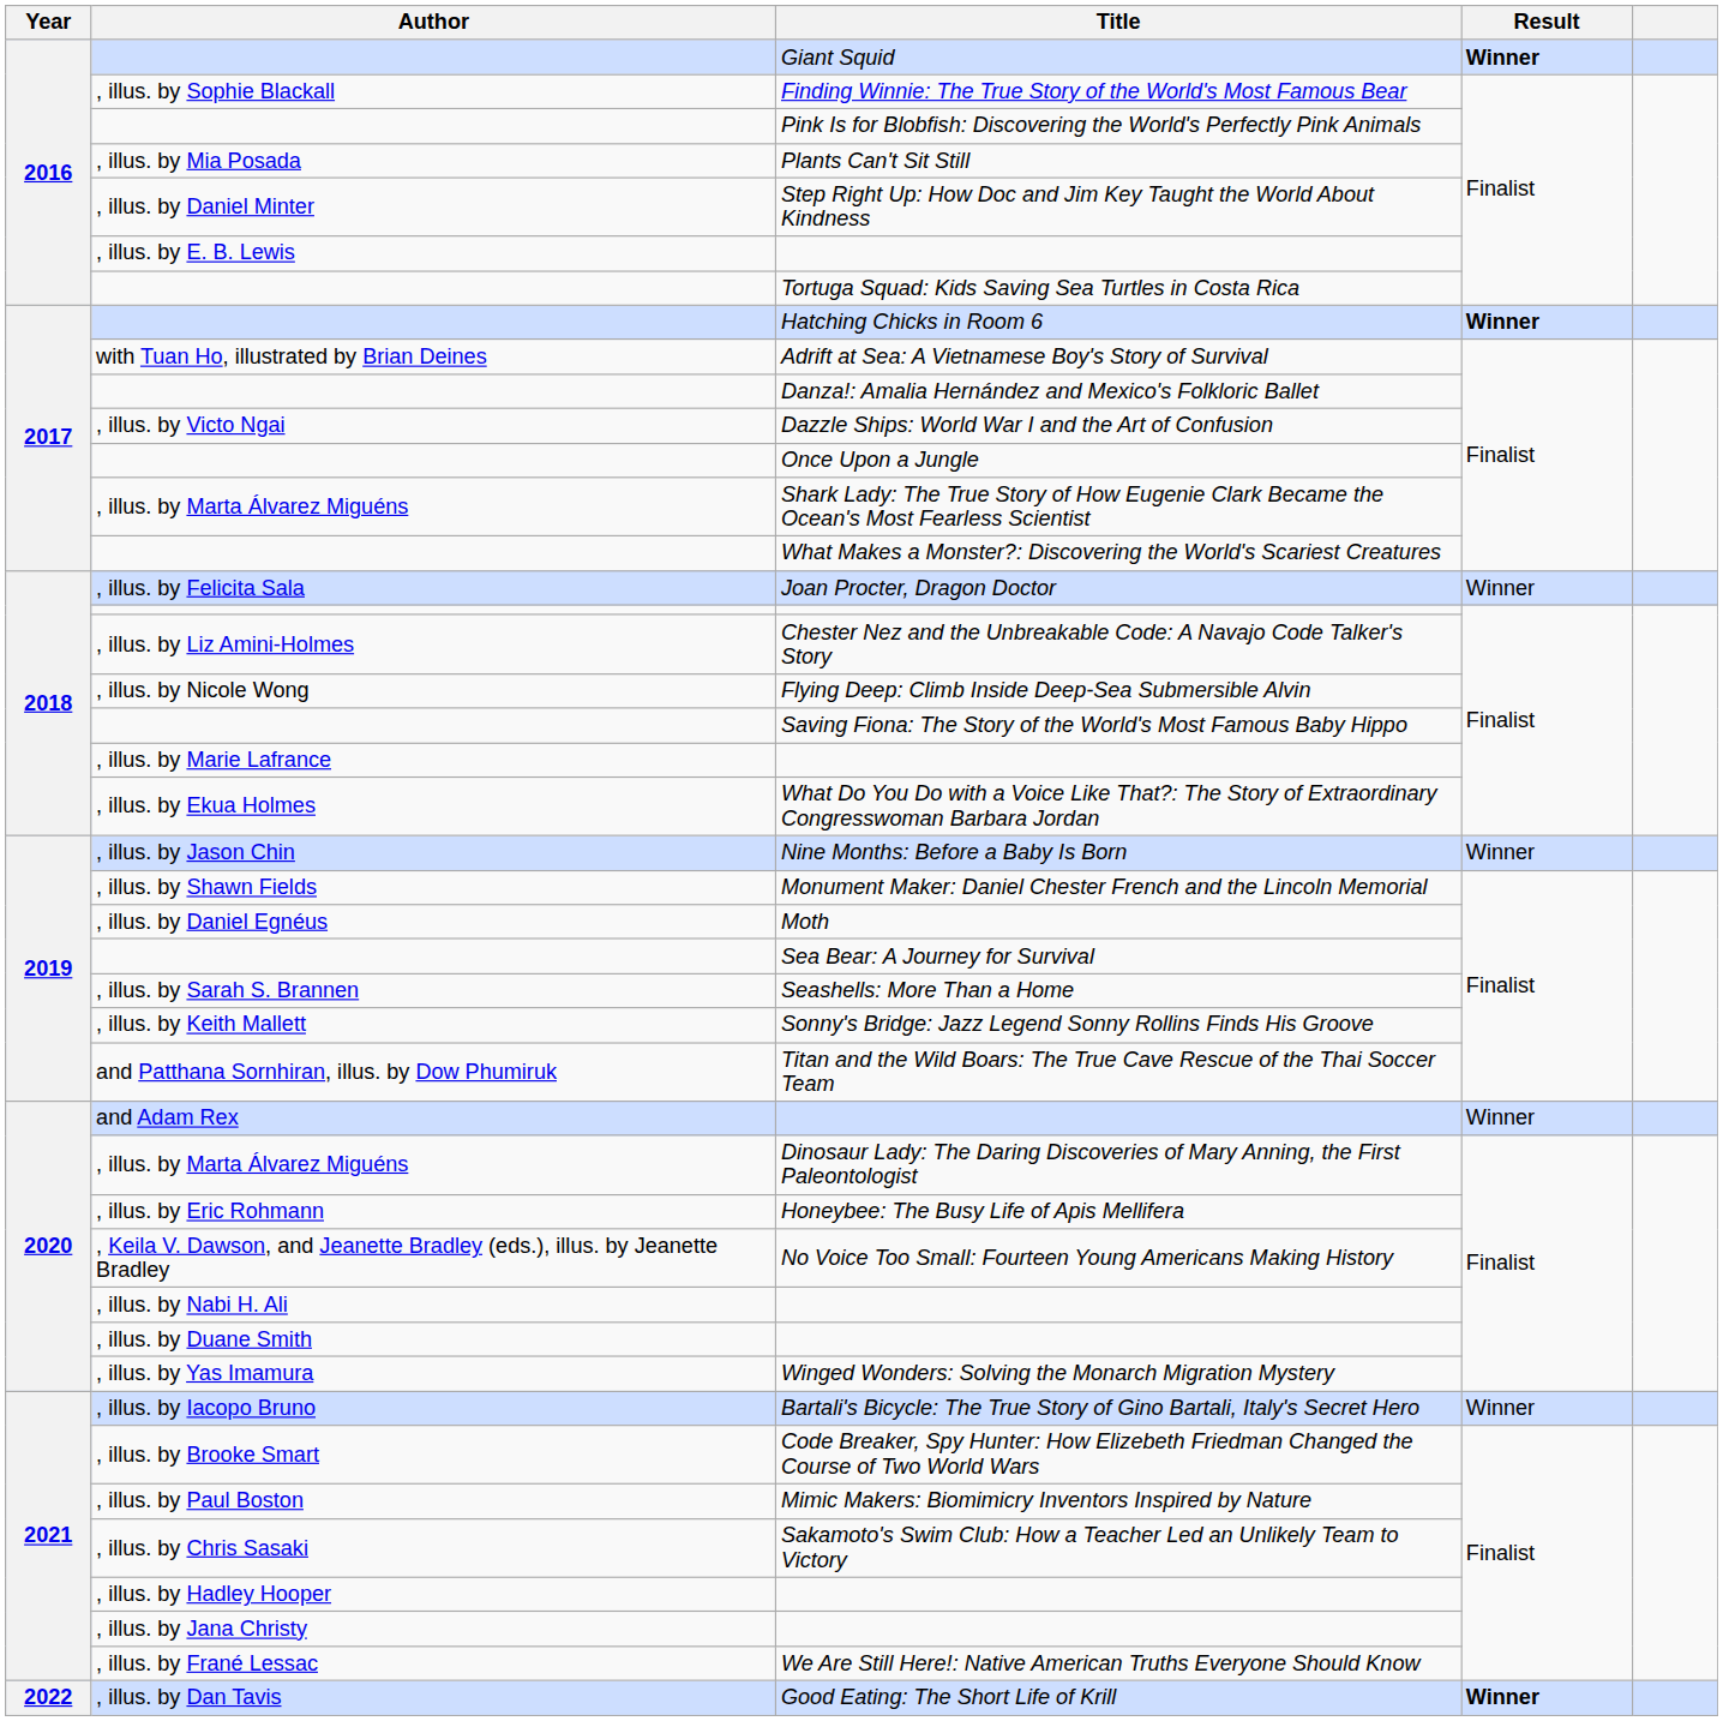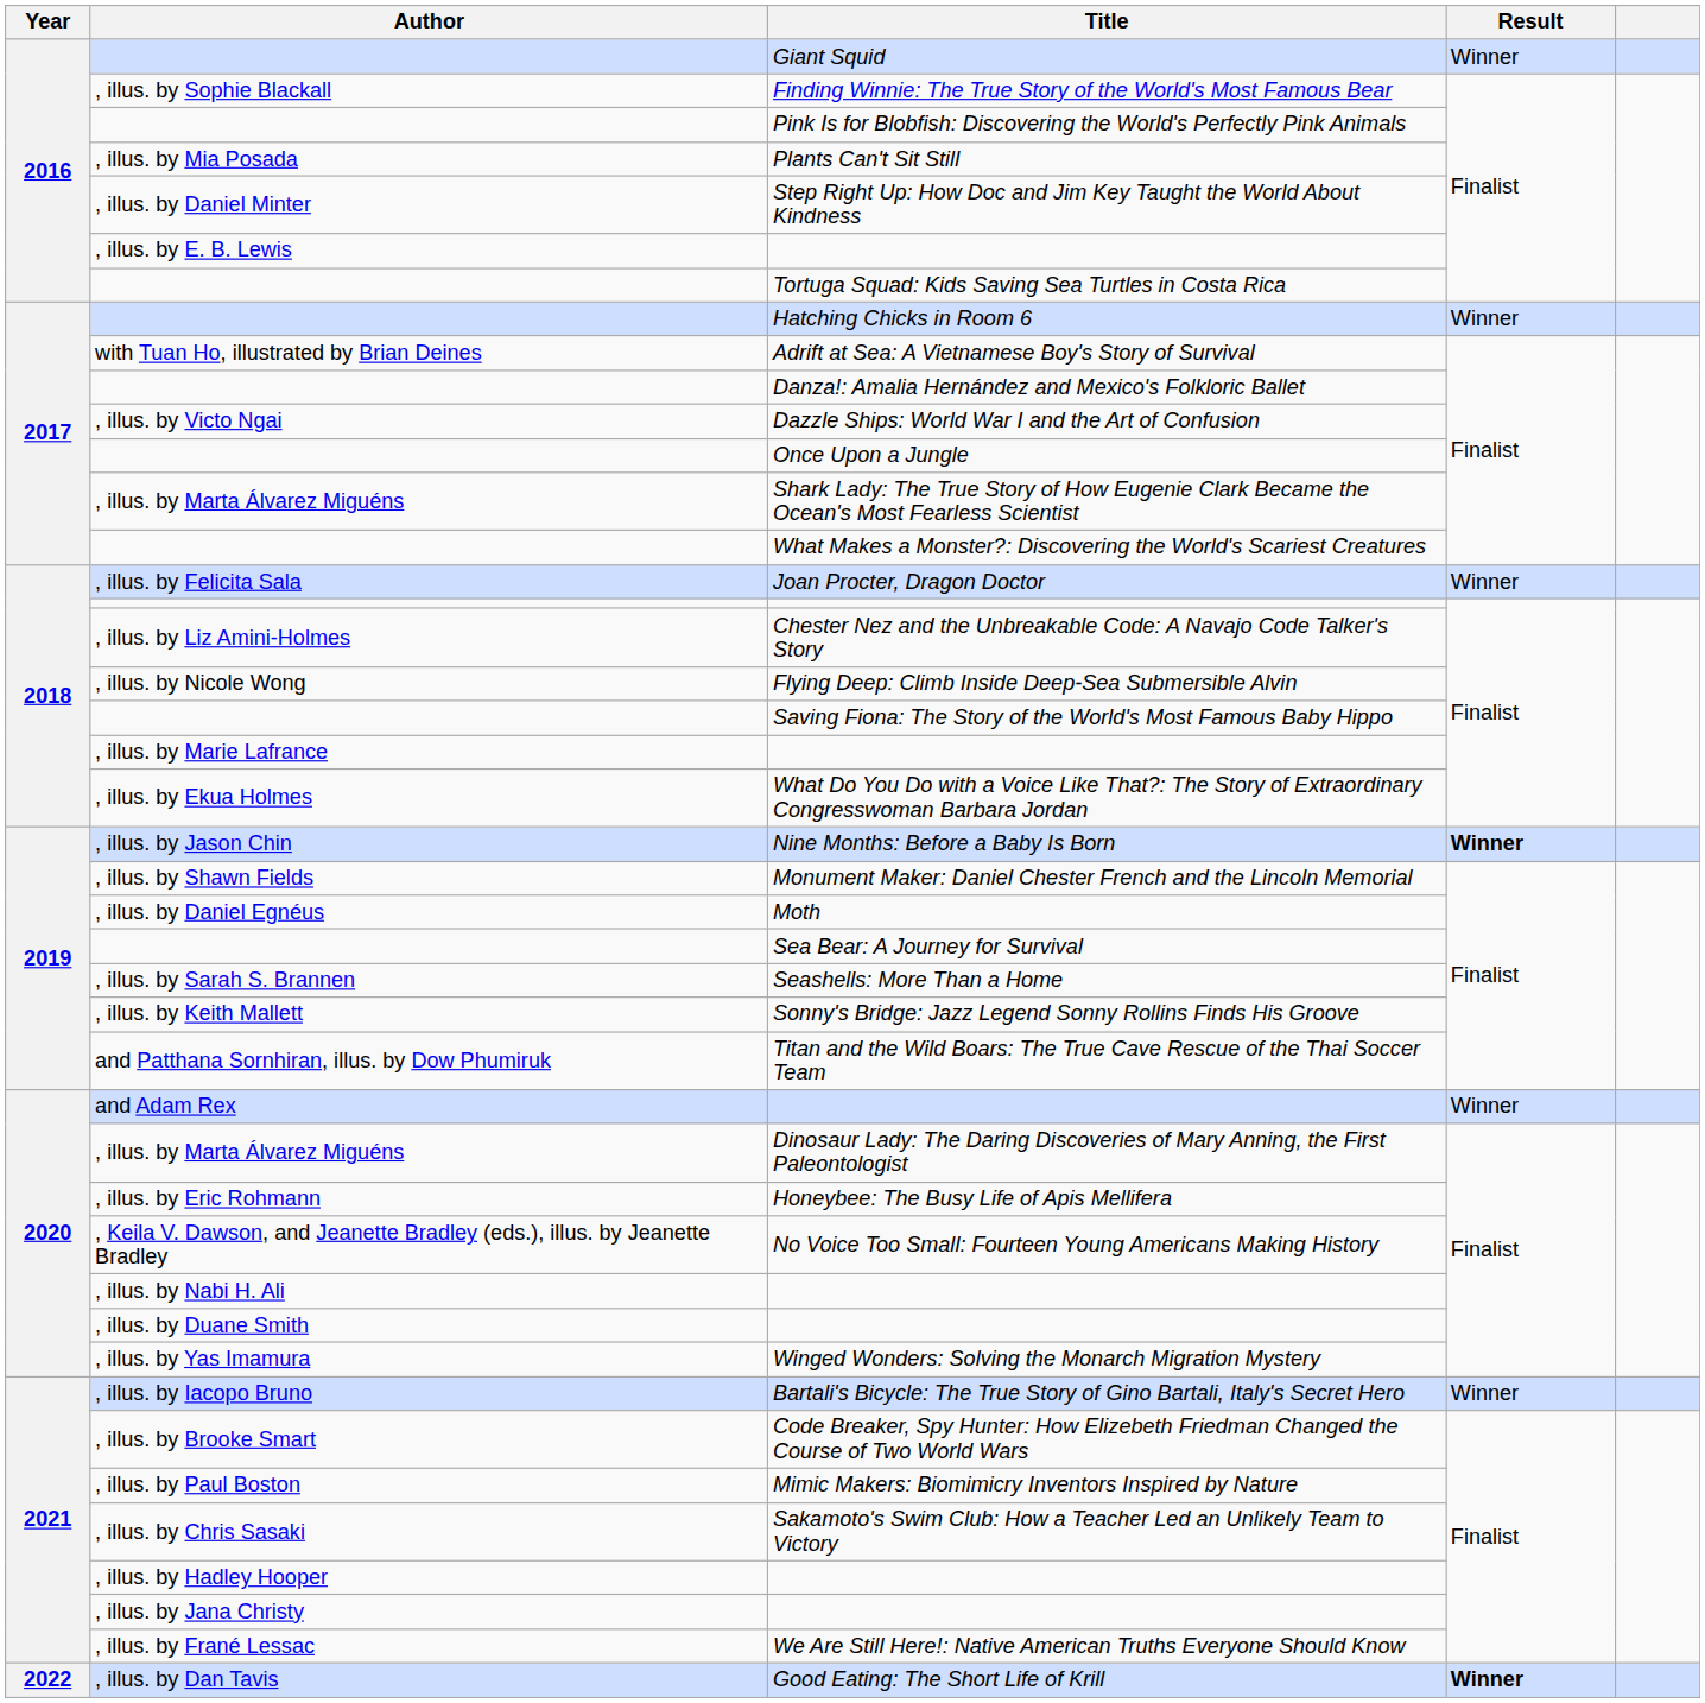 <table class="wikitable sortable mw-collapsible" width="100%">
 <tr>
 <th scope=col width="5%">Year</th>
 <th scope=col width="40%">Author</th>
 <th scope=col width="40%">Title</th>
 <th scope=col width="10%">Result</th>
 <th scope=col width="5%" class="unsortable"></th>
 </tr>
 <tr style="background:#cddeff">
 <th scope=row rowspan="7"><a href='#'>2016</a></th>
 <td></td>
 <td><em>Giant Squid</em></td>
-<td><strong>Winner</strong></td>
+<td>Winner</td>
 <td></td>
 </tr>
 <tr>
 <td>, illus. by <a href='#'>Sophie Blackall</a></td>
 <td><em><a href='#'>Finding Winnie: The True Story of the World's Most Famous Bear</a></em></td>
 <td rowspan="6">Finalist</td>
 <td rowspan="6"></td>
 </tr>
 <tr>
 <td></td>
 <td><em>Pink Is for Blobfish: Discovering the World's Perfectly Pink Animals</em></td>
 </tr>
 <tr>
 <td>, illus. by <a href='#'>Mia Posada</a></td>
 <td><em>Plants Can't Sit Still</em></td>
 </tr>
 <tr>
 <td>, illus. by <a href='#'>Daniel Minter</a></td>
 <td><em>Step Right Up: How Doc and Jim Key Taught the World About Kindness</em></td>
 </tr>
 <tr>
 <td>, illus. by <a href='#'>E. B. Lewis</a></td>
 <td></td>
 </tr>
 <tr>
 <td></td>
 <td><em>Tortuga Squad: Kids Saving Sea Turtles in Costa Rica</em></td>
 </tr>
 <tr style="background:#cddeff">
 <th scope=row rowspan="7"><a href='#'>2017</a></th>
 <td></td>
 <td><em>Hatching Chicks in Room 6</em></td>
-<td><strong>Winner</strong></td>
+<td>Winner</td>
 <td></td>
 </tr>
 <tr>
 <td> with <a href='#'>Tuan Ho</a>, illustrated by <a href='#'>Brian Deines</a></td>
 <td><em>Adrift at Sea: A Vietnamese Boy's Story of Survival</em></td>
 <td rowspan="6">Finalist</td>
 <td rowspan="6"></td>
 </tr>
 <tr>
 <td></td>
 <td><em>Danza!: Amalia Hernández and Mexico's Folkloric Ballet</em></td>
 </tr>
 <tr>
 <td>, illus. by <a href='#'>Victo Ngai</a></td>
 <td><em>Dazzle Ships: World War I and the Art of Confusion</em></td>
 </tr>
 <tr>
 <td></td>
 <td><em>Once Upon a Jungle</em></td>
 </tr>
 <tr>
 <td>, illus. by <a href='#'>Marta Álvarez Miguéns</a></td>
 <td><em>Shark Lady: The True Story of How Eugenie Clark Became the Ocean's Most Fearless Scientist</em></td>
 </tr>
 <tr>
 <td></td>
 <td><em>What Makes a Monster?: Discovering the World's Scariest Creatures</em></td>
 </tr>
 <tr style="background:#cddeff">
 <th scope=row rowspan="7"><a href='#'>2018</a></th>
 <td>, illus. by <a href='#'>Felicita Sala</a></td>
 <td><em>Joan Procter, Dragon Doctor</em></td>
 <td>Winner</td>
 <td></td>
 </tr>
 <tr>
 <td></td>
 <td><em></em></td>
 <td rowspan="6">Finalist</td>
 <td rowspan="6"></td>
 </tr>
 <tr>
 <td>, illus. by <a href='#'>Liz Amini-Holmes</a></td>
 <td><em>Chester Nez and the Unbreakable Code: A Navajo Code Talker's Story</em></td>
 </tr>
 <tr>
 <td>, illus. by Nicole Wong</td>
 <td><em>Flying Deep: Climb Inside Deep-Sea Submersible Alvin</em></td>
 </tr>
 <tr>
 <td></td>
 <td><em>Saving Fiona: The Story of the World's Most Famous Baby Hippo</em></td>
 </tr>
 <tr>
 <td>, illus. by <a href='#'>Marie Lafrance</a></td>
 <td></td>
 </tr>
 <tr>
 <td>, illus. by <a href='#'>Ekua Holmes</a></td>
 <td><em>What Do You Do with a Voice Like That?: The Story of Extraordinary Congresswoman Barbara Jordan</em></td>
 </tr>
 <tr style="background:#cddeff">
 <th scope=row rowspan="7"><a href='#'>2019</a></th>
 <td>, illus. by <a href='#'>Jason Chin</a></td>
 <td><em>Nine Months: Before a Baby Is Born</em></td>
-<td>Winner</td>
+<td><strong>Winner</strong></td>
 <td></td>
 </tr>
 <tr>
 <td>, illus. by <a href='#'>Shawn Fields</a></td>
 <td><em>Monument Maker: Daniel Chester French and the Lincoln Memorial</em></td>
 <td rowspan="6">Finalist</td>
 <td rowspan="6"></td>
 </tr>
 <tr>
 <td>, illus. by <a href='#'>Daniel Egnéus</a></td>
 <td><em>Moth</em></td>
 </tr>
 <tr>
 <td></td>
 <td><em>Sea Bear: A Journey for Survival</em></td>
 </tr>
 <tr>
 <td>, illus. by <a href='#'>Sarah S. Brannen</a></td>
 <td><em>Seashells: More Than a Home</em></td>
 </tr>
 <tr>
 <td>, illus. by <a href='#'>Keith Mallett</a></td>
 <td><em>Sonny's Bridge: Jazz Legend Sonny Rollins Finds His Groove</em></td>
 </tr>
 <tr>
 <td> and <a href='#'>Patthana Sornhiran</a>, illus. by <a href='#'>Dow Phumiruk</a></td>
 <td><em>Titan and the Wild Boars: The True Cave Rescue of the Thai Soccer Team</em></td>
 </tr>
 <tr style="background:#cddeff">
 <th scope=row rowspan="7"><a href='#'>2020</a></th>
 <td> and <a href='#'>Adam Rex</a></td>
 <td></td>
 <td>Winner</td>
 <td></td>
 </tr>
 <tr>
 <td>, illus. by <a href='#'>Marta Álvarez Miguéns</a></td>
 <td><em>Dinosaur Lady: The Daring Discoveries of Mary Anning, the First Paleontologist</em></td>
 <td rowspan="6">Finalist</td>
 <td rowspan="6"></td>
 </tr>
 <tr>
 <td>, illus. by <a href='#'>Eric Rohmann</a></td>
 <td><em>Honeybee: The Busy Life of Apis Mellifera</em></td>
 </tr>
 <tr>
 <td>, <a href='#'>Keila V. Dawson</a>, and <a href='#'>Jeanette Bradley</a> (eds.), illus. by Jeanette Bradley</td>
 <td><em>No Voice Too Small: Fourteen Young Americans Making History</em></td>
 </tr>
 <tr>
 <td>, illus. by <a href='#'>Nabi H. Ali</a></td>
 <td></td>
 </tr>
 <tr>
 <td>, illus. by <a href='#'>Duane Smith</a></td>
 <td></td>
 </tr>
 <tr>
 <td>, illus. by <a href='#'>Yas Imamura</a></td>
 <td><em>Winged Wonders: Solving the Monarch Migration Mystery</em></td>
 </tr>
 <tr style="background:#cddeff">
 <th scope=row rowspan="7"><a href='#'>2021</a></th>
 <td>, illus. by <a href='#'>Iacopo Bruno</a></td>
 <td><em>Bartali's Bicycle: The True Story of Gino Bartali, Italy's Secret Hero</em></td>
 <td>Winner</td>
 <td></td>
 </tr>
 <tr>
 <td>, illus. by <a href='#'>Brooke Smart</a></td>
 <td><em>Code Breaker, Spy Hunter: How Elizebeth Friedman Changed the Course of Two World Wars</em></td>
 <td rowspan="6">Finalist</td>
 <td rowspan="6"></td>
 </tr>
 <tr>
 <td>, illus. by <a href='#'>Paul Boston</a></td>
 <td><em>Mimic Makers: Biomimicry Inventors Inspired by Nature</em></td>
 </tr>
 <tr>
 <td>, illus. by <a href='#'>Chris Sasaki</a></td>
 <td><em>Sakamoto's Swim Club: How a Teacher Led an Unlikely Team to Victory</em></td>
 </tr>
 <tr>
 <td>, illus. by <a href='#'>Hadley Hooper</a></td>
 <td></td>
 </tr>
 <tr>
 <td>, illus. by <a href='#'>Jana Christy</a></td>
 <td></td>
 </tr>
 <tr>
 <td>, illus. by <a href='#'>Frané Lessac</a></td>
 <td><em>We Are Still Here!: Native American Truths Everyone Should Know</em></td>
 </tr>
 <tr style="background:#cddeff">
 <th><a href='#'>2022</a></th>
 <td>, illus. by <a href='#'>Dan Tavis</a></td>
 <td><em>Good Eating: The Short Life of Krill</em></td>
 <td><strong>Winner</strong></td>
 <td></td>
 </tr>
 </table>
